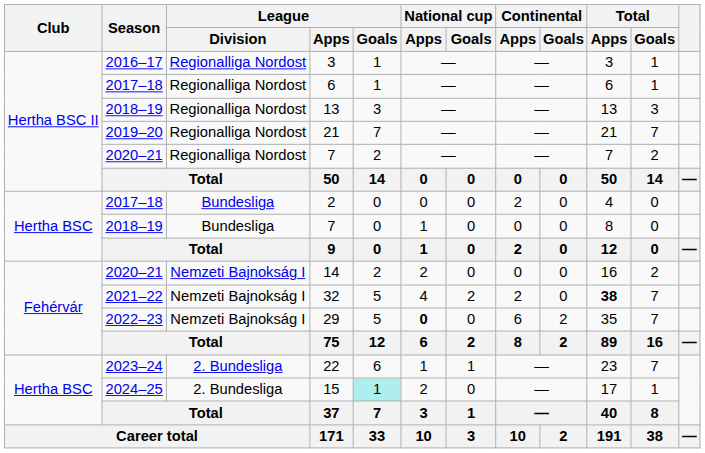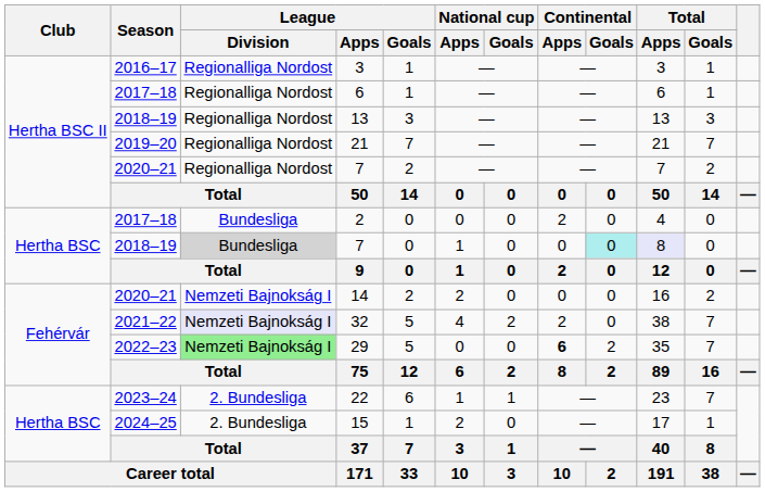 <table class="wikitable" style="text-align:center">
 <tr>
 <th rowspan="2">Club</th>
 <th rowspan="2">Season</th>
 <th colspan="3">League</th>
 <th colspan="2">National cup</th>
 <th colspan="2">Continental</th>
 <th colspan="2">Total</th>
 <th rowspan="2"></th>
 </tr>
 <tr>
 <th>Division</th>
 <th>Apps</th>
 <th>Goals</th>
 <th>Apps</th>
 <th>Goals</th>
 <th>Apps</th>
 <th>Goals</th>
 <th>Apps</th>
 <th>Goals</th>
 </tr>
 <tr>
 <td rowspan="6"><a href='#'>Hertha BSC II</a></td>
 <td><a href='#'>2016–17</a></td>
 <td><a href='#'>Regionalliga Nordost</a></td>
 <td>3</td>
 <td>1</td>
 <td colspan="2">—</td>
 <td colspan="2">—</td>
 <td>3</td>
 <td>1</td>
 <td></td>
 </tr>
 <tr>
 <td><a href='#'>2017–18</a></td>
 <td>Regionalliga Nordost</td>
 <td>6</td>
 <td>1</td>
 <td colspan="2">—</td>
 <td colspan="2">—</td>
 <td>6</td>
 <td>1</td>
 <td></td>
 </tr>
 <tr>
 <td><a href='#'>2018–19</a></td>
 <td>Regionalliga Nordost</td>
 <td>13</td>
 <td>3</td>
 <td colspan="2">—</td>
 <td colspan="2">—</td>
 <td>13</td>
 <td>3</td>
 <td></td>
 </tr>
 <tr>
 <td><a href='#'>2019–20</a></td>
 <td>Regionalliga Nordost</td>
 <td>21</td>
 <td>7</td>
 <td colspan="2">—</td>
 <td colspan="2">—</td>
 <td>21</td>
 <td>7</td>
 <td></td>
 </tr>
 <tr>
 <td><a href='#'>2020–21</a></td>
 <td>Regionalliga Nordost</td>
 <td>7</td>
 <td>2</td>
 <td colspan="2">—</td>
 <td colspan="2">—</td>
 <td>7</td>
 <td>2</td>
 <td></td>
 </tr>
 <tr>
 <th colspan="2">Total</th>
 <th>50</th>
 <th>14</th>
 <th>0</th>
 <th>0</th>
 <th>0</th>
 <th>0</th>
 <th>50</th>
 <th>14</th>
 <th>—</th>
 </tr>
 <tr>
 <td rowspan="3"><a href='#'>Hertha BSC</a></td>
 <td><a href='#'>2017–18</a></td>
 <td><a href='#'>Bundesliga</a></td>
 <td>2</td>
 <td>0</td>
 <td>0</td>
 <td>0</td>
 <td>2</td>
 <td>0</td>
 <td>4</td>
 <td>0</td>
 <td></td>
 </tr>
 <tr>
 <td><a href='#'>2018–19</a></td>
-<td>Bundesliga</td>
+<td style="background: lightgrey;">Bundesliga</td>
 <td>7</td>
 <td>0</td>
 <td>1</td>
 <td>0</td>
 <td>0</td>
-<td>0</td>
-<td>8</td>
+<td style="background: paleturquoise;">0</td>
+<td style="background: lavender;">8</td>
 <td>0</td>
 <td></td>
 </tr>
 <tr>
 <th colspan="2">Total</th>
 <th>9</th>
 <th>0</th>
 <th>1</th>
 <th>0</th>
 <th>2</th>
 <th>0</th>
 <th>12</th>
 <th>0</th>
 <th>—</th>
 </tr>
 <tr>
 <td rowspan="4"><a href='#'>Fehérvár</a></td>
 <td><a href='#'>2020–21</a></td>
 <td><a href='#'>Nemzeti Bajnokság I</a></td>
 <td>14</td>
 <td>2</td>
 <td>2</td>
 <td>0</td>
 <td>0</td>
 <td>0</td>
 <td>16</td>
 <td>2</td>
 <td></td>
 </tr>
 <tr>
 <td><a href='#'>2021–22</a></td>
-<td>Nemzeti Bajnokság I</td>
+<td style="background: lavender;">Nemzeti Bajnokság I</td>
 <td>32</td>
 <td>5</td>
 <td>4</td>
 <td>2</td>
 <td>2</td>
 <td>0</td>
-<td><strong>38</strong></td>
+<td>38</td>
 <td>7</td>
 <td></td>
 </tr>
 <tr>
 <td><a href='#'>2022–23</a></td>
-<td>Nemzeti Bajnokság I</td>
+<td style="background: lightgreen;">Nemzeti Bajnokság I</td>
 <td>29</td>
 <td>5</td>
-<td><strong>0</strong></td>
 <td>0</td>
-<td>6</td>
+<td>0</td>
+<td><strong>6</strong></td>
 <td>2</td>
 <td>35</td>
 <td>7</td>
 <td></td>
 </tr>
 <tr>
 <th colspan="2">Total</th>
 <th>75</th>
 <th>12</th>
 <th>6</th>
 <th>2</th>
 <th>8</th>
 <th>2</th>
 <th>89</th>
 <th>16</th>
 <th>—</th>
 </tr>
 <tr>
 <td rowspan="3"><a href='#'>Hertha BSC</a></td>
 <td><a href='#'>2023–24</a></td>
 <td><a href='#'>2. Bundesliga</a></td>
 <td>22</td>
 <td>6</td>
 <td>1</td>
 <td>1</td>
 <td colspan="2">—</td>
 <td>23</td>
 <td>7</td>
 </tr>
 <tr>
 <td><a href='#'>2024–25</a></td>
 <td>2. Bundesliga</td>
 <td>15</td>
-<td style="background: paleturquoise;">1</td>
+<td>1</td>
 <td>2</td>
 <td>0</td>
 <td colspan="2">—</td>
 <td>17</td>
 <td>1</td>
 </tr>
 <tr>
 <th colspan="2">Total</th>
 <th>37</th>
 <th>7</th>
 <th>3</th>
 <th>1</th>
 <th colspan="2">—</th>
 <th>40</th>
 <th>8</th>
 </tr>
 <tr>
 <th colspan="3">Career total</th>
 <th>171</th>
 <th>33</th>
 <th>10</th>
 <th>3</th>
 <th>10</th>
 <th>2</th>
 <th>191</th>
 <th>38</th>
 <th>—</th>
 </tr>
 </table>
